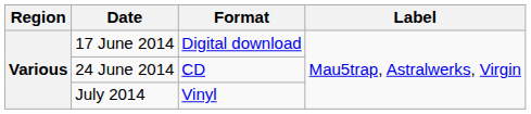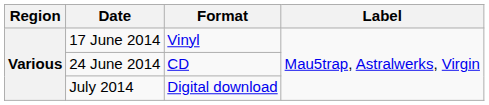 <table class="wikitable plainrowheaders">
 <tr>
 <th scope="col">Region</th>
 <th scope="col">Date</th>
 <th scope="col">Format</th>
 <th scope="col">Label</th>
 </tr>
 <tr>
 <th scope="row" rowspan="3">Various</th>
 <td>17 June 2014</td>
-<td><a href='#'>Digital download</a></td>
+<td><a href='#'>Vinyl</a></td>
 <td rowspan="3"><a href='#'>Mau5trap</a>, <a href='#'>Astralwerks</a>, <a href='#'>Virgin</a></td>
 </tr>
 <tr>
 <td>24 June 2014</td>
 <td><a href='#'>CD</a></td>
 </tr>
 <tr>
 <td>July 2014</td>
-<td><a href='#'>Vinyl</a></td>
+<td><a href='#'>Digital download</a></td>
 </tr>
 </table>
